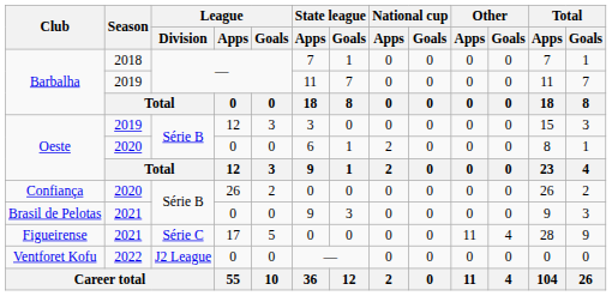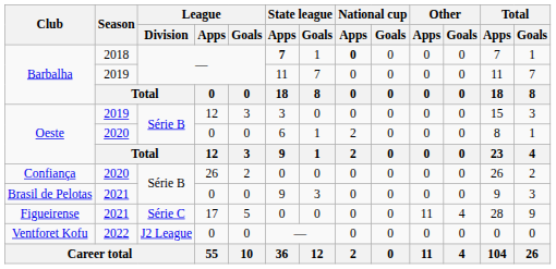 <table class="wikitable" style="text-align: center">
 <tr>
 <th rowspan="2">Club</th>
 <th rowspan="2">Season</th>
 <th colspan="3">League</th>
 <th colspan="2">State league</th>
 <th colspan="2">National cup</th>
 <th colspan="2">Other</th>
 <th colspan="2">Total</th>
 </tr>
 <tr>
 <th>Division</th>
 <th>Apps</th>
 <th>Goals</th>
 <th>Apps</th>
 <th>Goals</th>
 <th>Apps</th>
 <th>Goals</th>
 <th>Apps</th>
 <th>Goals</th>
 <th>Apps</th>
 <th>Goals</th>
 </tr>
 <tr>
 <td rowspan="3"><a href='#'>Barbalha</a></td>
 <td>2018</td>
 <td colspan="3" rowspan="2">—</td>
-<td>7</td>
+<td><strong>7</strong></td>
 <td>1</td>
-<td>0</td>
+<td><strong>0</strong></td>
 <td>0</td>
 <td>0</td>
 <td>0</td>
 <td>7</td>
 <td>1</td>
 </tr>
 <tr>
 <td>2019</td>
 <td>11</td>
 <td>7</td>
 <td>0</td>
 <td>0</td>
 <td>0</td>
 <td>0</td>
 <td>11</td>
 <td>7</td>
 </tr>
 <tr>
 <th colspan="2">Total</th>
 <th>0</th>
 <th>0</th>
 <th>18</th>
 <th>8</th>
 <th>0</th>
 <th>0</th>
 <th>0</th>
 <th>0</th>
 <th>18</th>
 <th>8</th>
 </tr>
 <tr>
 <td rowspan="3"><a href='#'>Oeste</a></td>
 <td><a href='#'>2019</a></td>
 <td rowspan="2"><a href='#'>Série B</a></td>
 <td>12</td>
 <td>3</td>
 <td>3</td>
 <td>0</td>
 <td>0</td>
 <td>0</td>
 <td>0</td>
 <td>0</td>
 <td>15</td>
 <td>3</td>
 </tr>
 <tr>
 <td><a href='#'>2020</a></td>
 <td>0</td>
 <td>0</td>
 <td>6</td>
 <td>1</td>
 <td>2</td>
 <td>0</td>
 <td>0</td>
 <td>0</td>
 <td>8</td>
 <td>1</td>
 </tr>
 <tr>
 <th colspan="2">Total</th>
 <th>12</th>
 <th>3</th>
 <th>9</th>
 <th>1</th>
 <th>2</th>
 <th>0</th>
 <th>0</th>
 <th>0</th>
 <th>23</th>
 <th>4</th>
 </tr>
 <tr>
 <td><a href='#'>Confiança</a></td>
 <td><a href='#'>2020</a></td>
 <td rowspan="2">Série B</td>
 <td>26</td>
 <td>2</td>
 <td>0</td>
 <td>0</td>
 <td>0</td>
 <td>0</td>
 <td>0</td>
 <td>0</td>
 <td>26</td>
 <td>2</td>
 </tr>
 <tr>
 <td><a href='#'>Brasil de Pelotas</a></td>
 <td><a href='#'>2021</a></td>
 <td>0</td>
 <td>0</td>
 <td>9</td>
 <td>3</td>
 <td>0</td>
 <td>0</td>
 <td>0</td>
 <td>0</td>
 <td>9</td>
 <td>3</td>
 </tr>
 <tr>
 <td><a href='#'>Figueirense</a></td>
 <td><a href='#'>2021</a></td>
 <td><a href='#'>Série C</a></td>
 <td>17</td>
 <td>5</td>
 <td>0</td>
 <td>0</td>
 <td>0</td>
 <td>0</td>
 <td>11</td>
 <td>4</td>
 <td>28</td>
 <td>9</td>
 </tr>
 <tr>
 <td><a href='#'>Ventforet Kofu</a></td>
 <td><a href='#'>2022</a></td>
 <td><a href='#'>J2 League</a></td>
 <td>0</td>
 <td>0</td>
 <td colspan="2">—</td>
 <td>0</td>
 <td>0</td>
 <td>0</td>
 <td>0</td>
 <td>0</td>
 <td>0</td>
 </tr>
 <tr>
 <th colspan="3">Career total</th>
 <th>55</th>
 <th>10</th>
 <th>36</th>
 <th>12</th>
 <th>2</th>
 <th>0</th>
 <th>11</th>
 <th>4</th>
 <th>104</th>
 <th>26</th>
 </tr>
 </table>
